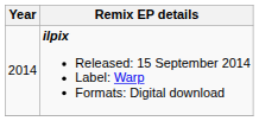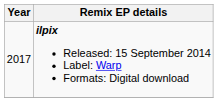 <table class="wikitable" style="text-align:center;">
 <tr>
 <th>Year</th>
 <th>Remix EP details</th>
 </tr>
 <tr>
-<td rowspan="1">2014</td>
+<td rowspan="1">2017</td>
 <td align="left"><strong><em>ilpix</em></strong><br><ul><li>Released: 15 September 2014</li><li>Label: <a href='#'>Warp</a></li><li>Formats: Digital download</li></ul></td>
 </tr>
 <tr>
 </tr>
 </table>
